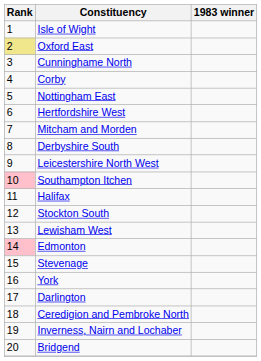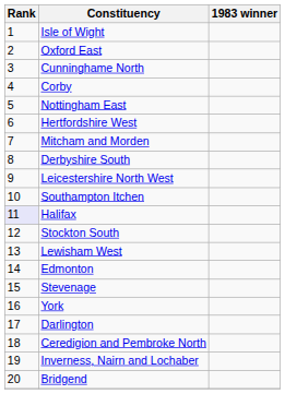 <table class="wikitable">
 <tr>
 <th>Rank</th>
 <th>Constituency</th>
 <th colspan=2>1983 winner</th>
 </tr>
 <tr>
 <td>1</td>
 <td><a href='#'>Isle of Wight</a></td>
 <td></td>
 </tr>
 <tr>
-<td style="background: khaki;">2</td>
+<td>2</td>
 <td><a href='#'>Oxford East</a></td>
 <td></td>
 </tr>
 <tr>
 <td>3</td>
 <td><a href='#'>Cunninghame North</a></td>
 <td></td>
 </tr>
 <tr>
 <td>4</td>
 <td><a href='#'>Corby</a></td>
 <td></td>
 </tr>
 <tr>
 <td>5</td>
 <td><a href='#'>Nottingham East</a></td>
 <td></td>
 </tr>
 <tr>
 <td>6</td>
 <td><a href='#'>Hertfordshire West</a></td>
 <td></td>
 </tr>
 <tr>
 <td>7</td>
 <td><a href='#'>Mitcham and Morden</a></td>
 <td></td>
 </tr>
 <tr>
 <td>8</td>
 <td><a href='#'>Derbyshire South</a></td>
 <td></td>
 </tr>
 <tr>
 <td>9</td>
 <td><a href='#'>Leicestershire North West</a></td>
 <td></td>
 </tr>
 <tr>
-<td style="background: pink;">10</td>
+<td>10</td>
 <td><a href='#'>Southampton Itchen</a></td>
 <td></td>
 </tr>
 <tr>
-<td>11</td>
+<td style="background: lavender;">11</td>
 <td><a href='#'>Halifax</a></td>
 <td></td>
 </tr>
 <tr>
 <td>12</td>
 <td><a href='#'>Stockton South</a></td>
 <td></td>
 </tr>
 <tr>
 <td>13</td>
 <td><a href='#'>Lewisham West</a></td>
 <td></td>
 </tr>
 <tr>
-<td style="background: pink;">14</td>
+<td>14</td>
 <td><a href='#'>Edmonton</a></td>
 <td></td>
 </tr>
 <tr>
 <td>15</td>
 <td><a href='#'>Stevenage</a></td>
 <td></td>
 </tr>
 <tr>
 <td>16</td>
 <td><a href='#'>York</a></td>
 <td></td>
 </tr>
 <tr>
 <td>17</td>
 <td><a href='#'>Darlington</a></td>
 <td></td>
 </tr>
 <tr>
 <td>18</td>
 <td><a href='#'>Ceredigion and Pembroke North</a></td>
 <td></td>
 </tr>
 <tr>
 <td>19</td>
 <td><a href='#'>Inverness, Nairn and Lochaber</a></td>
 <td></td>
 </tr>
 <tr>
 <td>20</td>
 <td><a href='#'>Bridgend</a></td>
 <td></td>
 </tr>
 <tr>
 </tr>
 </table>
